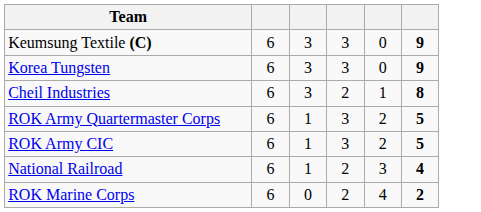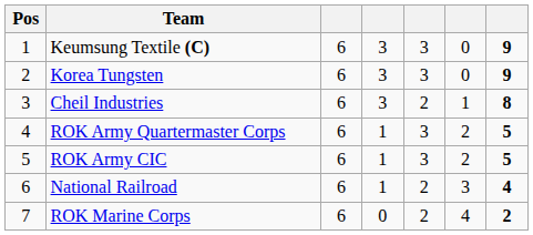 <table class="wikitable" style="text-align:center;">
 <tr>
+<th width=30>Pos</th>
 <th width=240>Team</th>
 <th width=30></th>
 <th width=30></th>
 <th width=30></th>
 <th width=30></th>
 <th width=30></th>
 </tr>
 <tr>
+<td>1</td>
 <td align=left>Keumsung Textile <strong>(C)</strong></td>
 <td>6</td>
 <td>3</td>
 <td>3</td>
 <td>0</td>
 <td><strong>9</strong></td>
 </tr>
 <tr>
+<td>2</td>
 <td align=left><a href='#'>Korea Tungsten</a></td>
 <td>6</td>
 <td>3</td>
 <td>3</td>
 <td>0</td>
 <td><strong>9</strong></td>
 </tr>
 <tr>
+<td>3</td>
 <td align=left><a href='#'>Cheil Industries</a></td>
 <td>6</td>
 <td>3</td>
 <td>2</td>
 <td>1</td>
 <td><strong>8</strong></td>
 </tr>
 <tr>
+<td>4</td>
 <td align=left><a href='#'>ROK Army Quartermaster Corps</a></td>
 <td>6</td>
 <td>1</td>
 <td>3</td>
 <td>2</td>
 <td><strong>5</strong></td>
 </tr>
 <tr>
+<td>5</td>
 <td align=left><a href='#'>ROK Army CIC</a></td>
 <td>6</td>
 <td>1</td>
 <td>3</td>
 <td>2</td>
 <td><strong>5</strong></td>
 </tr>
 <tr>
+<td>6</td>
 <td align=left><a href='#'>National Railroad</a></td>
 <td>6</td>
 <td>1</td>
 <td>2</td>
 <td>3</td>
 <td><strong>4</strong></td>
 </tr>
 <tr>
+<td>7</td>
 <td align=left><a href='#'>ROK Marine Corps</a></td>
 <td>6</td>
 <td>0</td>
 <td>2</td>
 <td>4</td>
 <td><strong>2</strong></td>
 </tr>
 </table>
